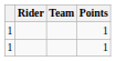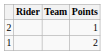 <table class="wikitable">
 <tr>
 <th></th>
 <th>Rider</th>
 <th>Team</th>
 <th>Points</th>
 </tr>
 <tr>
-<td>1</td>
+<td>2</td>
 <td></td>
 <td></td>
 <td align=right>1</td>
 </tr>
 <tr>
 <td>1</td>
 <td></td>
 <td></td>
-<td align=right>1</td>
+<td align=right>2</td>
 </tr>
 </table>
